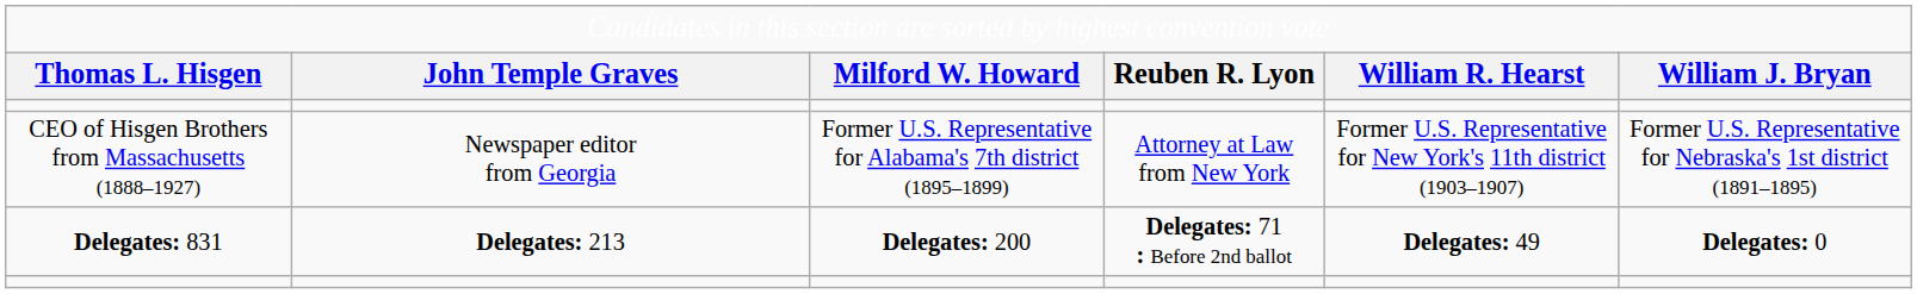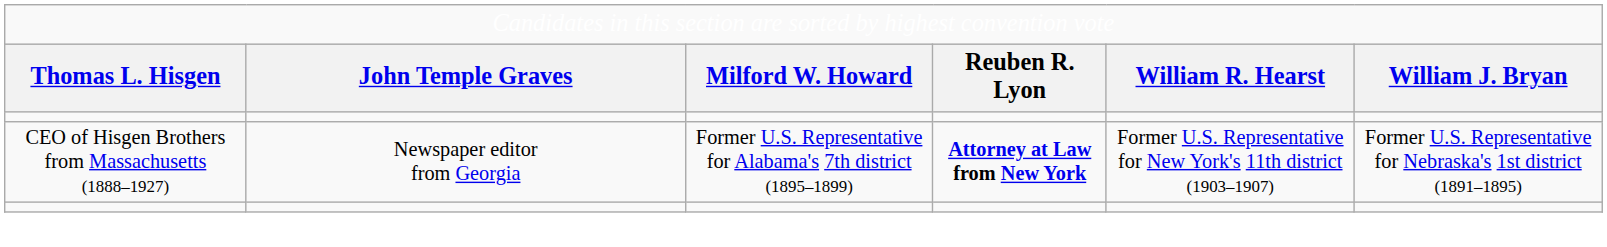 <table class="wikitable" style="font-size:90%">
 <tr>
 <td colspan="6" style="text-align:center; width:1125px; font-size:120%; color:white; background:"><em>Candidates in this section are sorted by highest convention vote</em></td>
 </tr>
 <tr>
 <th scope="col" style="width:3em; font-size:120%;"><a href='#'>Thomas L. Hisgen</a></th>
 <th scope="col" style="width:9em; font-size:120%;"><a href='#'>John Temple Graves</a></th>
 <th scope="col" style="width:3em; font-size:120%;"><a href='#'>Milford W. Howard</a></th>
 <th scope="col" style="width:3em; font-size:120%;">Reuben R. Lyon</th>
 <th scope="col" style="width:3em; font-size:120%;"><a href='#'>William R. Hearst</a></th>
 <th scope="col" style="width:3em; font-size:120%;"><a href='#'>William J. Bryan</a></th>
 </tr>
 <tr>
 <td></td>
 <td></td>
 <td></td>
 <td></td>
 <td></td>
 <td></td>
 </tr>
 <tr style="text-align:center">
 <td>CEO of Hisgen Brothers<br>from <a href='#'>Massachusetts</a><br><small>(1888–1927)</small></td>
 <td>Newspaper editor<br>from <a href='#'>Georgia</a></td>
 <td>Former <a href='#'>U.S. Representative</a><br>for <a href='#'>Alabama's</a> <a href='#'>7th district</a><br><small>(1895–1899)</small></td>
-<td><a href='#'>Attorney at Law</a><br>from <a href='#'>New York</a></td>
+<td><strong><a href='#'>Attorney at Law</a><br>from <a href='#'>New York</a></strong></td>
 <td>Former <a href='#'>U.S. Representative</a><br>for <a href='#'>New York's</a> <a href='#'>11th district</a><br><small>(1903–1907)</small></td>
 <td>Former <a href='#'>U.S. Representative</a><br>for <a href='#'>Nebraska's</a> <a href='#'>1st district</a><br><small>(1891–1895)</small></td>
-</tr>
-<tr style="text-align:center">
-<td><strong>Delegates:</strong> 831</td>
-<td><strong>Delegates:</strong> 213</td>
-<td><strong>Delegates:</strong> 200</td>
-<td><strong>Delegates:</strong> 71<br><strong>:</strong> <small>Before 2nd ballot</small></td>
-<td><strong>Delegates:</strong> 49<br><strong></strong></td>
-<td><strong>Delegates:</strong> 0<br><strong></strong></td>
 </tr>
 <tr style="text-align:center">
 <td></td>
 <td></td>
 <td></td>
 <td></td>
 <td></td>
 <td></td>
 </tr>
 </table>
